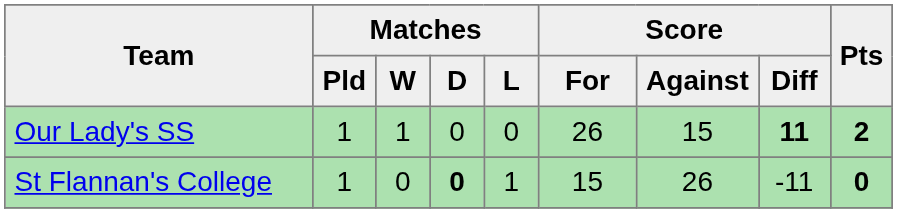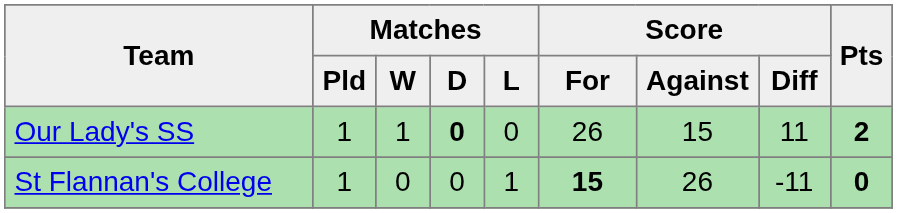 <table style=border-collapse:collapse border=1 cellspacing=0 cellpadding=5>
 <tr align=center bgcolor=#efefef>
 <th rowspan=2 width=165>Team</th>
 <th colspan=4>Matches</th>
 <th colspan=3>Score</th>
 <th rowspan=2width=20>Pts</th>
 </tr>
 <tr align=center bgcolor=#efefef>
 <th width=20>Pld</th>
 <th width=20>W</th>
 <th width=20>D</th>
 <th width=20>L</th>
 <th width=45>For</th>
 <th width=45>Against</th>
 <th width=30>Diff</th>
 </tr>
 <tr align=center style="background:#ACE1AF;">
 <td style="text-align:left;"><a href='#'>Our Lady's SS</a></td>
 <td>1</td>
 <td>1</td>
-<td>0</td>
+<td><strong>0</strong></td>
 <td>0</td>
 <td>26</td>
 <td>15</td>
-<td><strong>11</strong></td>
+<td>11</td>
 <td><strong>2</strong></td>
 </tr>
 <tr align=center style="background:#ACE1AF;">
 <td style="text-align:left;"><a href='#'>St Flannan's College</a></td>
 <td>1</td>
 <td>0</td>
-<td><strong>0</strong></td>
+<td>0</td>
 <td>1</td>
-<td>15</td>
+<td><strong>15</strong></td>
 <td>26</td>
 <td>-11</td>
 <td><strong>0</strong></td>
 </tr>
 </table>
